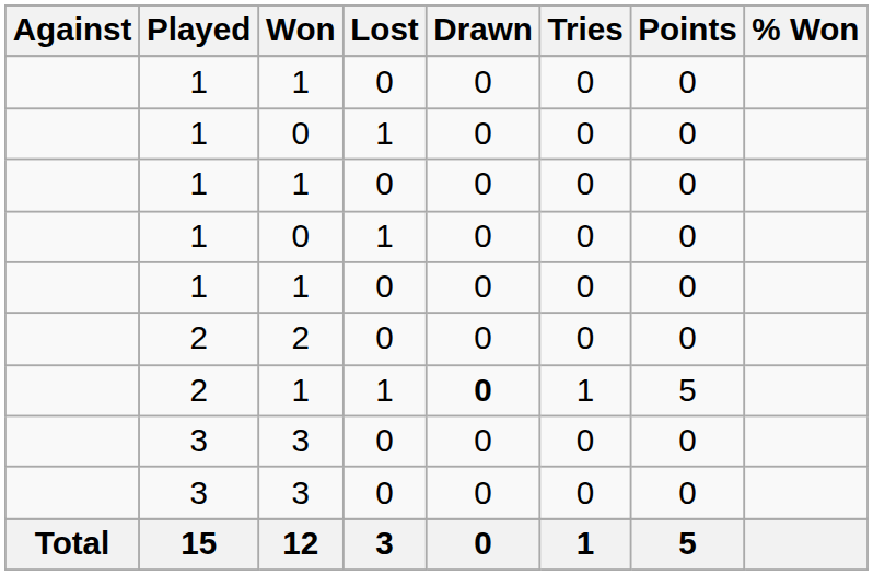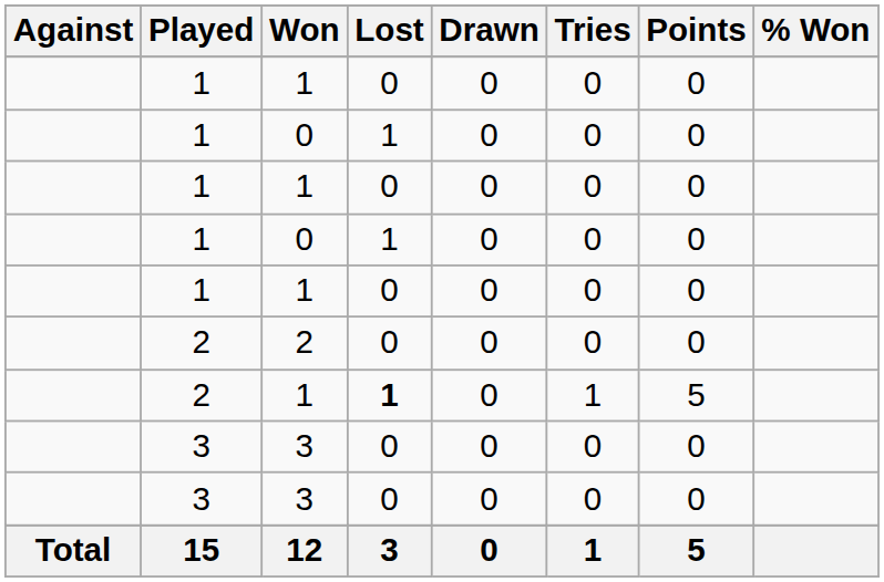 <table class="sortable wikitable" style="text-align: center;">
 <tr>
 </tr>
 <tr>
 <th>Against</th>
 <th>Played</th>
 <th>Won</th>
 <th>Lost</th>
 <th>Drawn</th>
 <th>Tries</th>
 <th>Points</th>
 <th>% Won</th>
 </tr>
 <tr bgcolor="#d0ffd0" align="center">
 </tr>
 <tr>
 <td align="left"></td>
 <td>1</td>
 <td>1</td>
 <td>0</td>
 <td>0</td>
 <td>0</td>
 <td>0</td>
 <td></td>
 </tr>
 <tr>
 <td align="left"></td>
 <td>1</td>
 <td>0</td>
 <td>1</td>
 <td>0</td>
 <td>0</td>
 <td>0</td>
 <td></td>
 </tr>
 <tr>
 <td align="left"></td>
 <td>1</td>
 <td>1</td>
 <td>0</td>
 <td>0</td>
 <td>0</td>
 <td>0</td>
 <td></td>
 </tr>
 <tr>
 <td align="left"></td>
 <td>1</td>
 <td>0</td>
 <td>1</td>
 <td>0</td>
 <td>0</td>
 <td>0</td>
 <td></td>
 </tr>
 <tr>
 <td align="left"></td>
 <td>1</td>
 <td>1</td>
 <td>0</td>
 <td>0</td>
 <td>0</td>
 <td>0</td>
 <td></td>
 </tr>
 <tr>
 <td align="left"></td>
 <td>2</td>
 <td>2</td>
 <td>0</td>
 <td>0</td>
 <td>0</td>
 <td>0</td>
 <td></td>
 </tr>
 <tr>
 <td align="left"></td>
 <td>2</td>
 <td>1</td>
-<td>1</td>
-<td><strong>0</strong></td>
+<td><strong>1</strong></td>
+<td>0</td>
 <td>1</td>
 <td>5</td>
 <td></td>
 </tr>
 <tr>
 <td align="left"></td>
 <td>3</td>
 <td>3</td>
 <td>0</td>
 <td>0</td>
 <td>0</td>
 <td>0</td>
 <td></td>
 </tr>
 <tr>
 <td align="left"></td>
 <td>3</td>
 <td>3</td>
 <td>0</td>
 <td>0</td>
 <td>0</td>
 <td>0</td>
 <td></td>
 </tr>
 <tr>
 </tr>
 <tr class="sortbottom">
 <th>Total</th>
 <th>15</th>
 <th>12</th>
 <th>3</th>
 <th>0</th>
 <th>1</th>
 <th>5</th>
 <th></th>
 </tr>
 </table>
